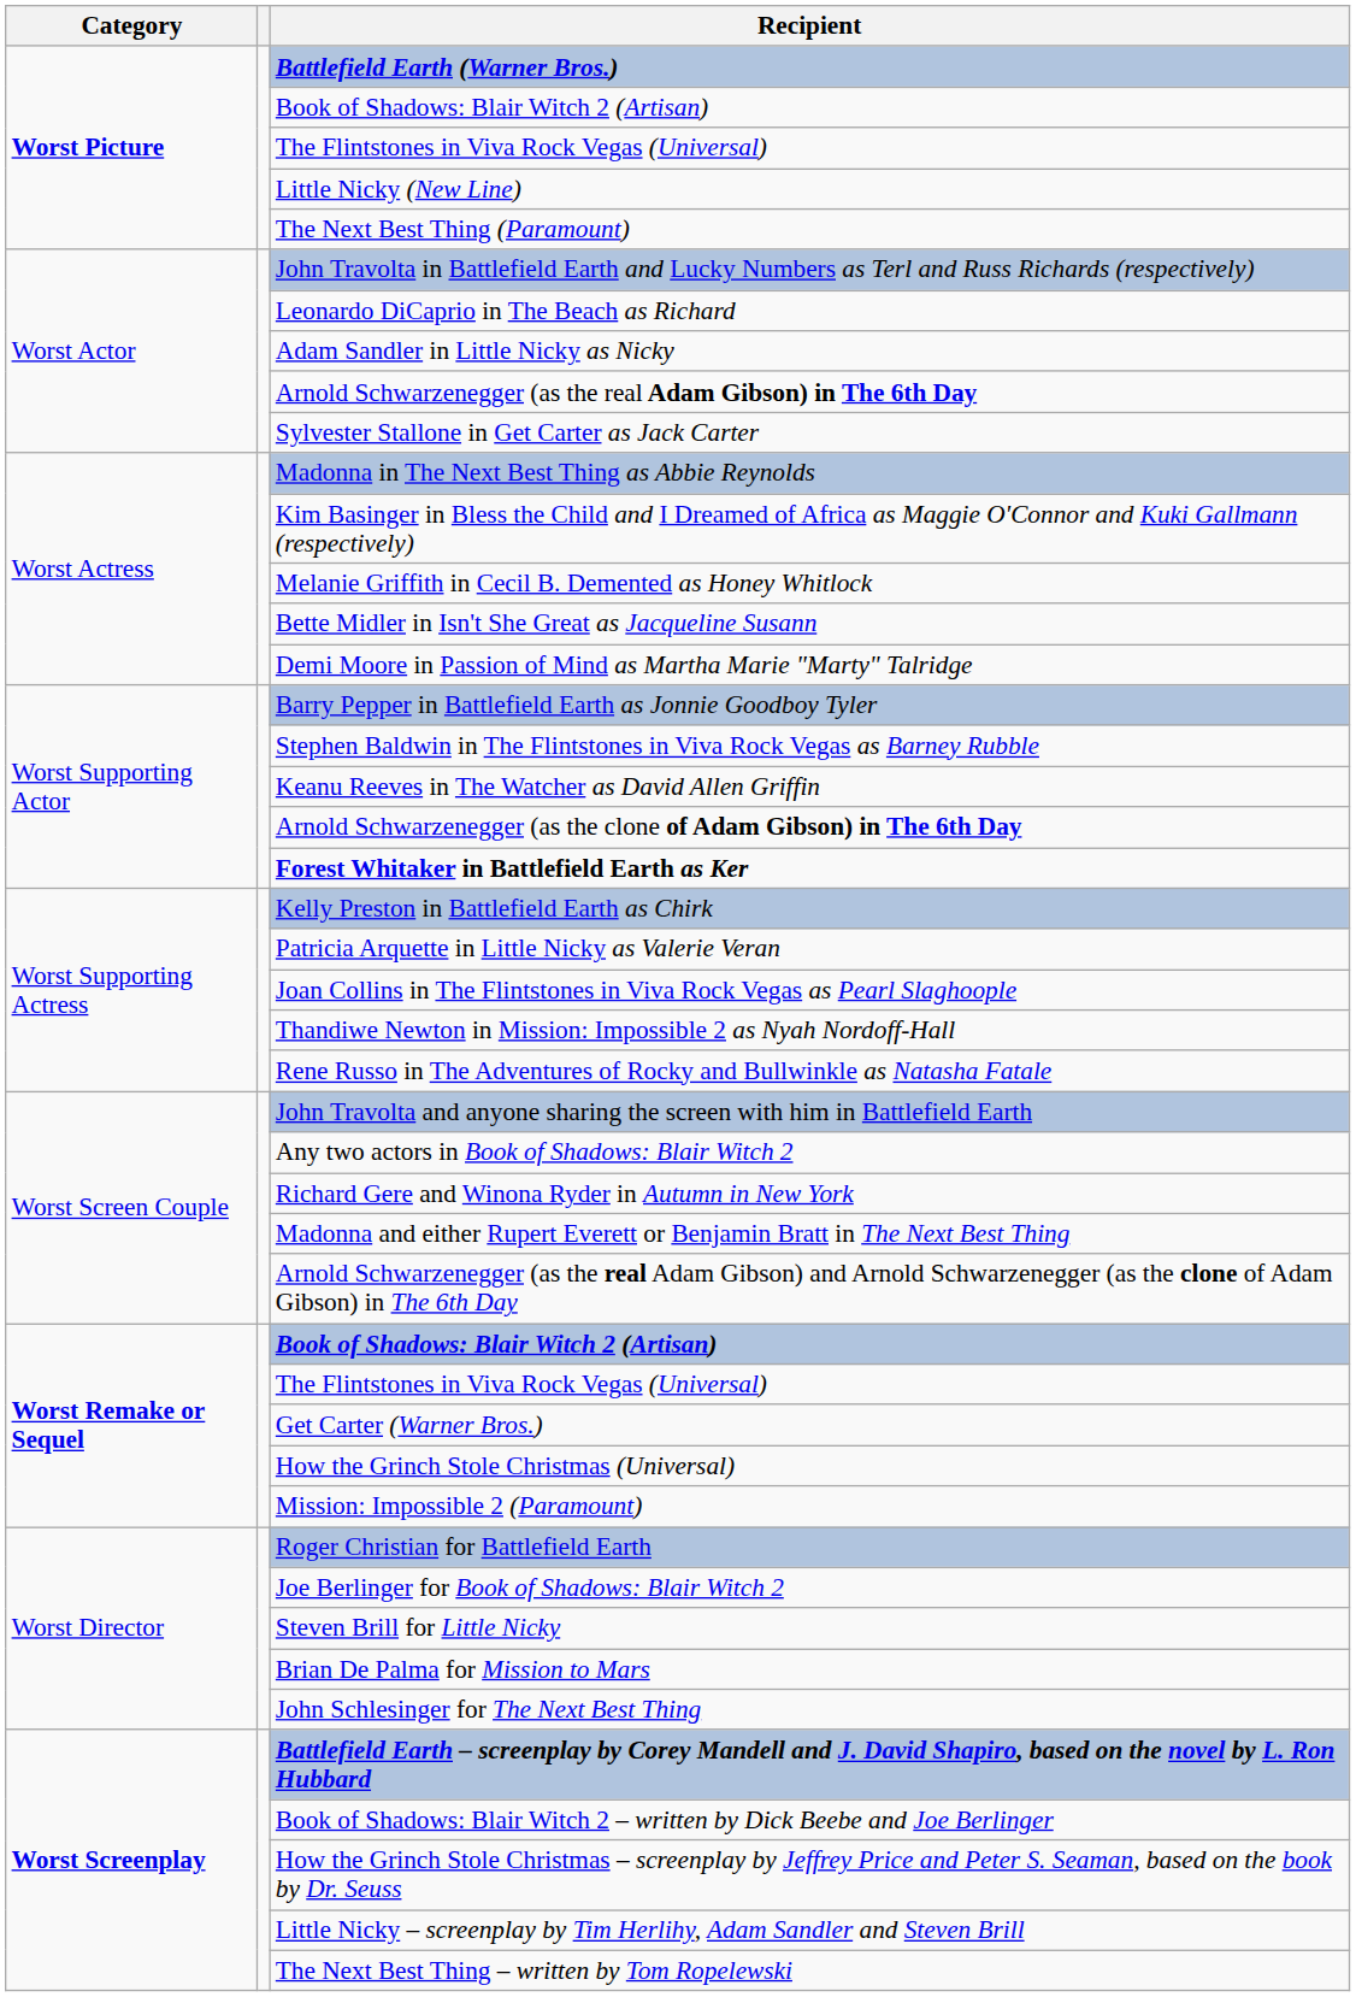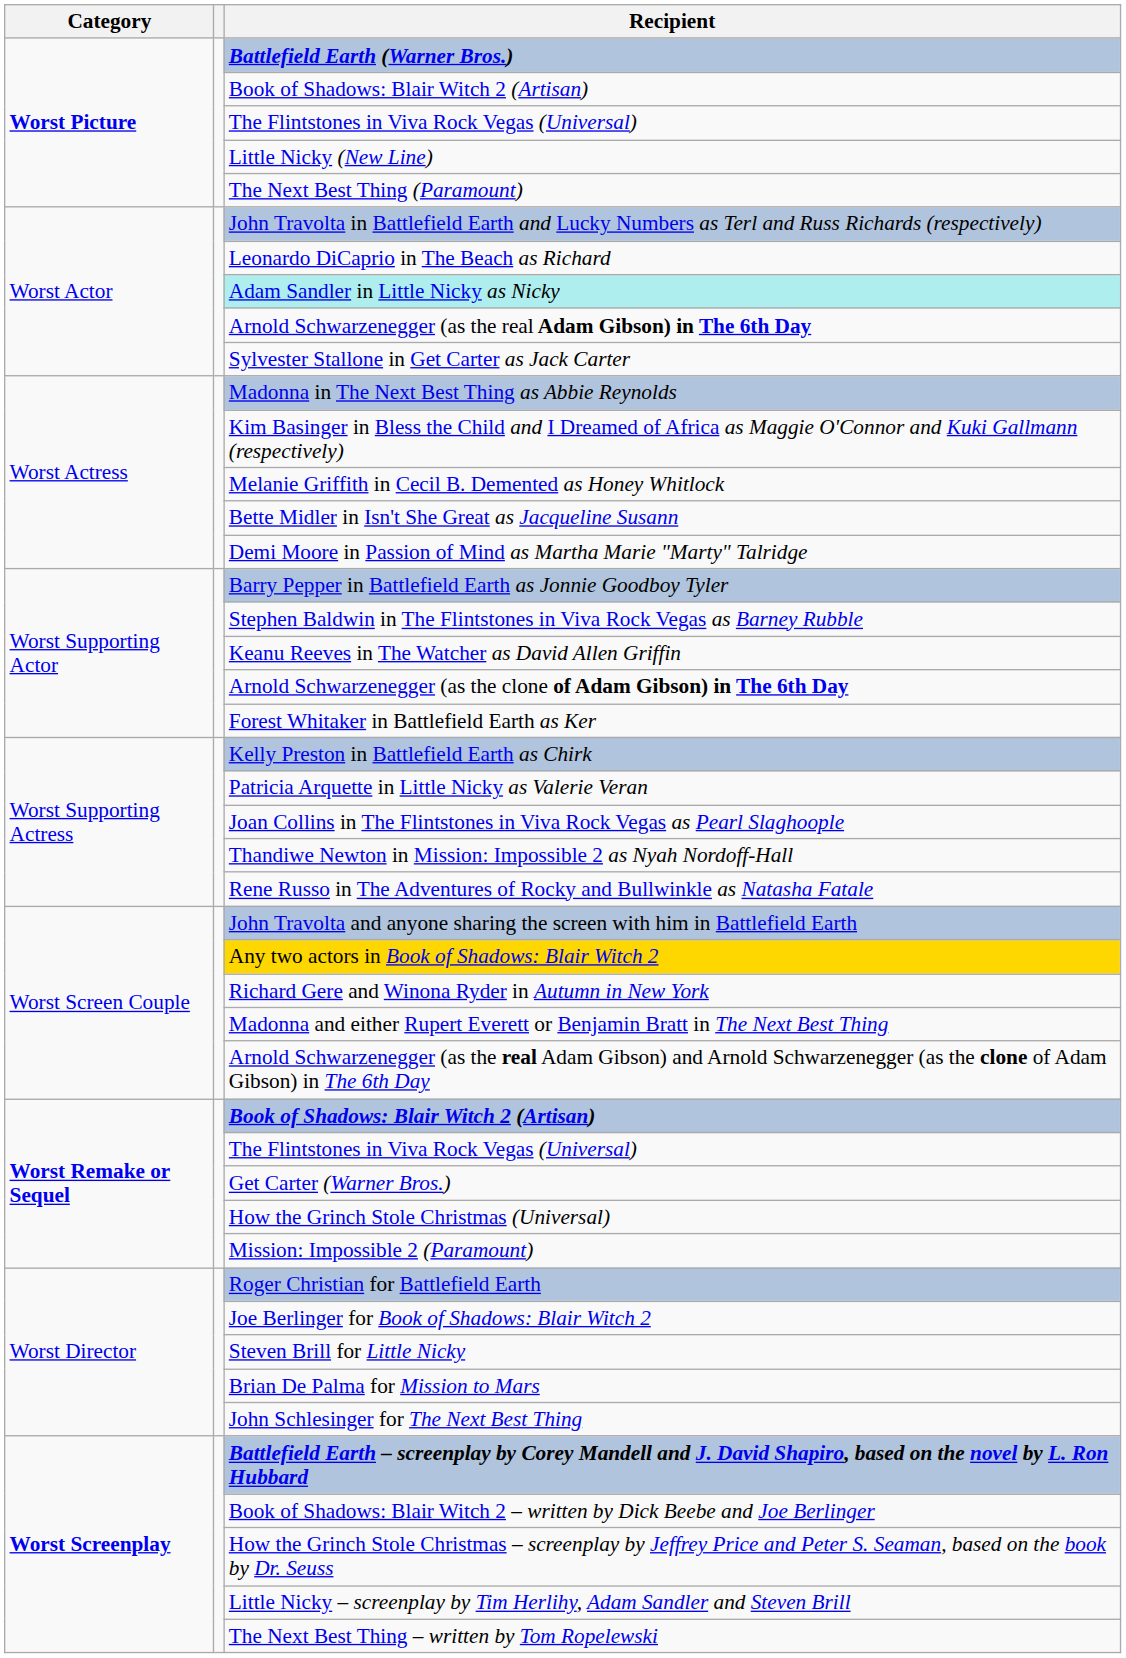 <table class="wikitable" width="95%" align="centre">
 <tr>
 <th>Category</th>
 <th></th>
 <th>Recipient</th>
 </tr>
 <tr>
 <td rowspan=5><strong><a href='#'>Worst Picture</a></strong></td>
 <td rowspan=5></td>
 <td style="background:#B0C4DE;"><strong><em><a href='#'>Battlefield Earth</a><em> (<a href='#'>Warner Bros.</a>)<strong></td>
 </tr>
 <tr>
 <td></em><a href='#'>Book of Shadows: Blair Witch 2</a><em> (<a href='#'>Artisan</a>)</td>
 </tr>
 <tr>
 <td></em><a href='#'>The Flintstones in Viva Rock Vegas</a><em> (<a href='#'>Universal</a>)</td>
 </tr>
 <tr>
 <td></em><a href='#'>Little Nicky</a><em> (<a href='#'>New Line</a>)</td>
 </tr>
 <tr>
 <td></em><a href='#'>The Next Best Thing</a><em> (<a href='#'>Paramount</a>)</td>
 </tr>
 <tr>
 <td rowspan=5></strong><a href='#'>Worst Actor</a><strong></td>
 <td rowspan=5></td>
 <td style="background:#B0C4DE;"></strong><a href='#'>John Travolta</a> in </em><a href='#'>Battlefield Earth</a><em> and </em><a href='#'>Lucky Numbers</a><em> as Terl and Russ Richards (respectively)<strong></td>
 </tr>
 <tr>
 <td><a href='#'>Leonardo DiCaprio</a> in </em><a href='#'>The Beach</a><em> as Richard</td>
 </tr>
 <tr>
-<td><a href='#'>Adam Sandler</a> in </em><a href='#'>Little Nicky</a><em> as Nicky</td>
+<td style="background: paleturquoise;"><a href='#'>Adam Sandler</a> in </em><a href='#'>Little Nicky</a><em> as Nicky</td>
 </tr>
 <tr>
 <td><a href='#'>Arnold Schwarzenegger</a> (as the </strong>real<strong> Adam Gibson) in </em><a href='#'>The 6th Day</a><em></td>
 </tr>
 <tr>
 <td><a href='#'>Sylvester Stallone</a> in </em><a href='#'>Get Carter</a><em> as Jack Carter</td>
 </tr>
 <tr>
 <td rowspan=5></strong><a href='#'>Worst Actress</a><strong></td>
 <td rowspan=5></td>
 <td style="background:#B0C4DE;"></strong><a href='#'>Madonna</a> in </em><a href='#'>The Next Best Thing</a><em> as Abbie Reynolds<strong></td>
 </tr>
 <tr>
 <td><a href='#'>Kim Basinger</a> in </em><a href='#'>Bless the Child</a><em> and </em><a href='#'>I Dreamed of Africa</a><em> as Maggie O'Connor and <a href='#'>Kuki Gallmann</a> (respectively)</td>
 </tr>
 <tr>
 <td><a href='#'>Melanie Griffith</a> in </em><a href='#'>Cecil B. Demented</a><em> as Honey Whitlock</td>
 </tr>
 <tr>
 <td><a href='#'>Bette Midler</a> in </em><a href='#'>Isn't She Great</a><em> as <a href='#'>Jacqueline Susann</a></td>
 </tr>
 <tr>
 <td><a href='#'>Demi Moore</a> in </em><a href='#'>Passion of Mind</a><em> as Martha Marie "Marty" Talridge</td>
 </tr>
 <tr>
 <td rowspan=5></strong><a href='#'>Worst Supporting Actor</a><strong></td>
 <td rowspan=5></td>
 <td style="background:#B0C4DE;"></strong><a href='#'>Barry Pepper</a> in </em><a href='#'>Battlefield Earth</a><em> as Jonnie Goodboy Tyler<strong></td>
 </tr>
 <tr>
 <td><a href='#'>Stephen Baldwin</a> in </em><a href='#'>The Flintstones in Viva Rock Vegas</a><em> as <a href='#'>Barney Rubble</a></td>
 </tr>
 <tr>
 <td><a href='#'>Keanu Reeves</a> in </em><a href='#'>The Watcher</a><em> as David Allen Griffin</td>
 </tr>
 <tr>
 <td><a href='#'>Arnold Schwarzenegger</a> (as the </strong>clone<strong> of Adam Gibson) in </em><a href='#'>The 6th Day</a><em></td>
 </tr>
 <tr>
-<td><strong><a href='#'>Forest Whitaker</a> in </em>Battlefield Earth<em> as Ker</strong></td>
+<td><a href='#'>Forest Whitaker</a> in </em>Battlefield Earth<em> as Ker</td>
 </tr>
 <tr>
 <td rowspan=5></strong><a href='#'>Worst Supporting Actress</a><strong></td>
 <td rowspan=5></td>
 <td style="background:#B0C4DE;"></strong><a href='#'>Kelly Preston</a> in </em><a href='#'>Battlefield Earth</a><em> as Chirk<strong></td>
 </tr>
 <tr>
 <td><a href='#'>Patricia Arquette</a> in </em><a href='#'>Little Nicky</a><em> as Valerie Veran</td>
 </tr>
 <tr>
 <td><a href='#'>Joan Collins</a> in </em><a href='#'>The Flintstones in Viva Rock Vegas</a><em> as <a href='#'>Pearl Slaghoople</a></td>
 </tr>
 <tr>
 <td><a href='#'>Thandiwe Newton</a> in </em><a href='#'>Mission: Impossible 2</a><em> as Nyah Nordoff-Hall</td>
 </tr>
 <tr>
 <td><a href='#'>Rene Russo</a> in </em><a href='#'>The Adventures of Rocky and Bullwinkle</a><em> as <a href='#'>Natasha Fatale</a></td>
 </tr>
 <tr>
 <td rowspan=5></strong><a href='#'>Worst Screen Couple</a><strong></td>
 <td rowspan=5></td>
 <td style="background:#B0C4DE;"></strong><a href='#'>John Travolta</a> and anyone sharing the screen with him in </em><a href='#'>Battlefield Earth</a></em></strong></td>
 </tr>
 <tr>
-<td>Any two actors in <em><a href='#'>Book of Shadows: Blair Witch 2</a></em></td>
+<td style="background: gold;">Any two actors in <em><a href='#'>Book of Shadows: Blair Witch 2</a></em></td>
 </tr>
 <tr>
 <td><a href='#'>Richard Gere</a> and <a href='#'>Winona Ryder</a> in <em><a href='#'>Autumn in New York</a></em></td>
 </tr>
 <tr>
 <td><a href='#'>Madonna</a> and either <a href='#'>Rupert Everett</a> or <a href='#'>Benjamin Bratt</a> in <em><a href='#'>The Next Best Thing</a></em></td>
 </tr>
 <tr>
 <td><a href='#'>Arnold Schwarzenegger</a> (as the <strong>real</strong> Adam Gibson) and Arnold Schwarzenegger (as the <strong>clone</strong> of Adam Gibson) in <em><a href='#'>The 6th Day</a></em></td>
 </tr>
 <tr>
 <td rowspan=5><strong><a href='#'>Worst Remake or Sequel</a></strong></td>
 <td rowspan=5></td>
 <td style="background:#B0C4DE;"><strong><em><a href='#'>Book of Shadows: Blair Witch 2</a><em> (<a href='#'>Artisan</a>)<strong></td>
 </tr>
 <tr>
 <td></em><a href='#'>The Flintstones in Viva Rock Vegas</a><em> (<a href='#'>Universal</a>)</td>
 </tr>
 <tr>
 <td></em><a href='#'>Get Carter</a><em> (<a href='#'>Warner Bros.</a>)</td>
 </tr>
 <tr>
 <td></em><a href='#'>How the Grinch Stole Christmas</a><em> (Universal)</td>
 </tr>
 <tr>
 <td></em><a href='#'>Mission: Impossible 2</a><em> (<a href='#'>Paramount</a>)</td>
 </tr>
 <tr>
 <td rowspan=5></strong><a href='#'>Worst Director</a><strong></td>
 <td rowspan=5></td>
 <td style="background:#B0C4DE;"></strong><a href='#'>Roger Christian</a> for </em><a href='#'>Battlefield Earth</a></em></strong></td>
 </tr>
 <tr>
 <td><a href='#'>Joe Berlinger</a> for <em><a href='#'>Book of Shadows: Blair Witch 2</a></em></td>
 </tr>
 <tr>
 <td><a href='#'>Steven Brill</a> for <em><a href='#'>Little Nicky</a></em></td>
 </tr>
 <tr>
 <td><a href='#'>Brian De Palma</a> for <em><a href='#'>Mission to Mars</a></em></td>
 </tr>
 <tr>
 <td><a href='#'>John Schlesinger</a> for <em><a href='#'>The Next Best Thing</a></em></td>
 </tr>
 <tr>
 <td rowspan=5><strong><a href='#'>Worst Screenplay</a></strong></td>
 <td rowspan=5></td>
 <td style="background:#B0C4DE;"><strong><em><a href='#'>Battlefield Earth</a><em> – screenplay by Corey Mandell and <a href='#'>J. David Shapiro</a>, based on the <a href='#'>novel</a> by <a href='#'>L. Ron Hubbard</a><strong></td>
 </tr>
 <tr>
 <td></em><a href='#'>Book of Shadows: Blair Witch 2</a><em> – written by Dick Beebe and <a href='#'>Joe Berlinger</a></td>
 </tr>
 <tr>
 <td></em><a href='#'>How the Grinch Stole Christmas</a><em> – screenplay by <a href='#'>Jeffrey Price and Peter S. Seaman</a>, based on the <a href='#'>book</a> by <a href='#'>Dr. Seuss</a></td>
 </tr>
 <tr>
 <td></em><a href='#'>Little Nicky</a><em> – screenplay by <a href='#'>Tim Herlihy</a>, <a href='#'>Adam Sandler</a> and <a href='#'>Steven Brill</a></td>
 </tr>
 <tr>
 <td></em><a href='#'>The Next Best Thing</a><em> – written by <a href='#'>Tom Ropelewski</a></td>
 </tr>
 </table>
